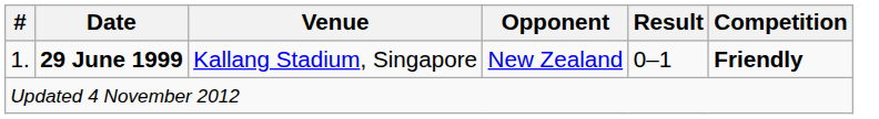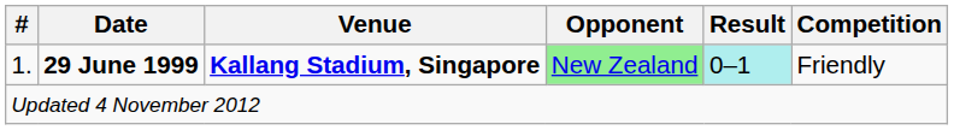 <table class="wikitable">
 <tr>
 <th>#</th>
 <th>Date</th>
 <th>Venue</th>
 <th>Opponent</th>
 <th>Result</th>
 <th>Competition</th>
 </tr>
 <tr>
 <td>1.</td>
 <td><strong>29 June 1999</strong></td>
-<td><a href='#'>Kallang Stadium</a>, Singapore</td>
-<td> <a href='#'>New Zealand</a></td>
-<td>0–1</td>
-<td><strong>Friendly</strong></td>
+<td><strong><a href='#'>Kallang Stadium</a>, Singapore</strong></td>
+<td style="background: lightgreen;"> <a href='#'>New Zealand</a></td>
+<td style="background: paleturquoise;">0–1</td>
+<td>Friendly</td>
 </tr>
 <tr>
 <td colspan="12"><small><em>Updated 4 November 2012</em></small></td>
 </tr>
 </table>
